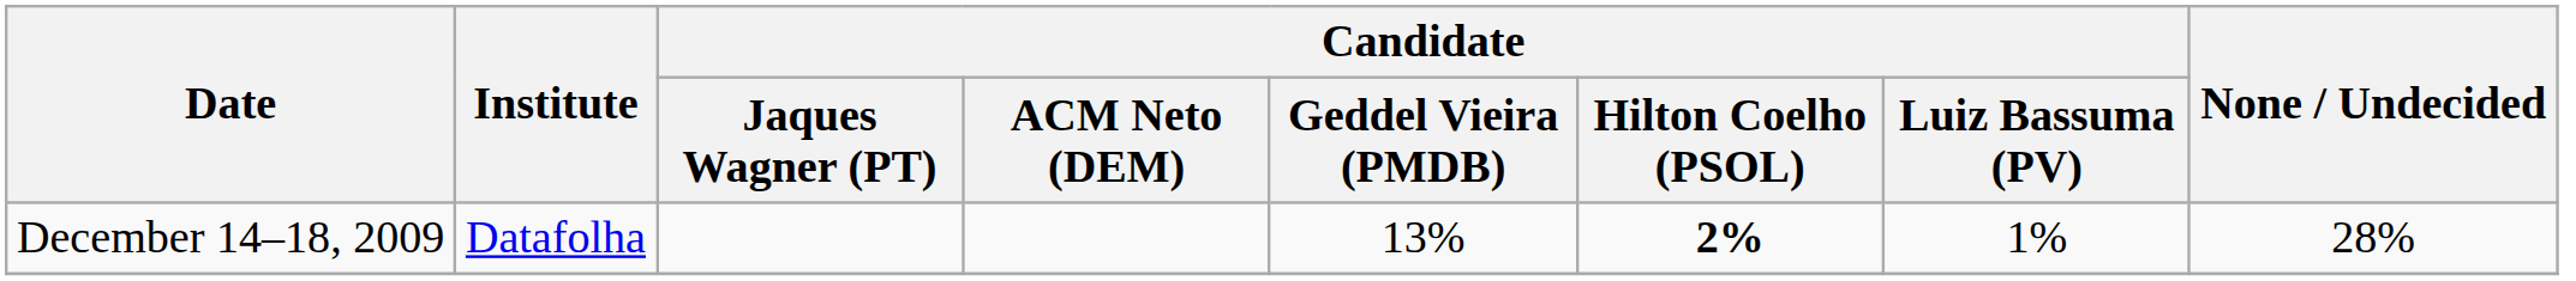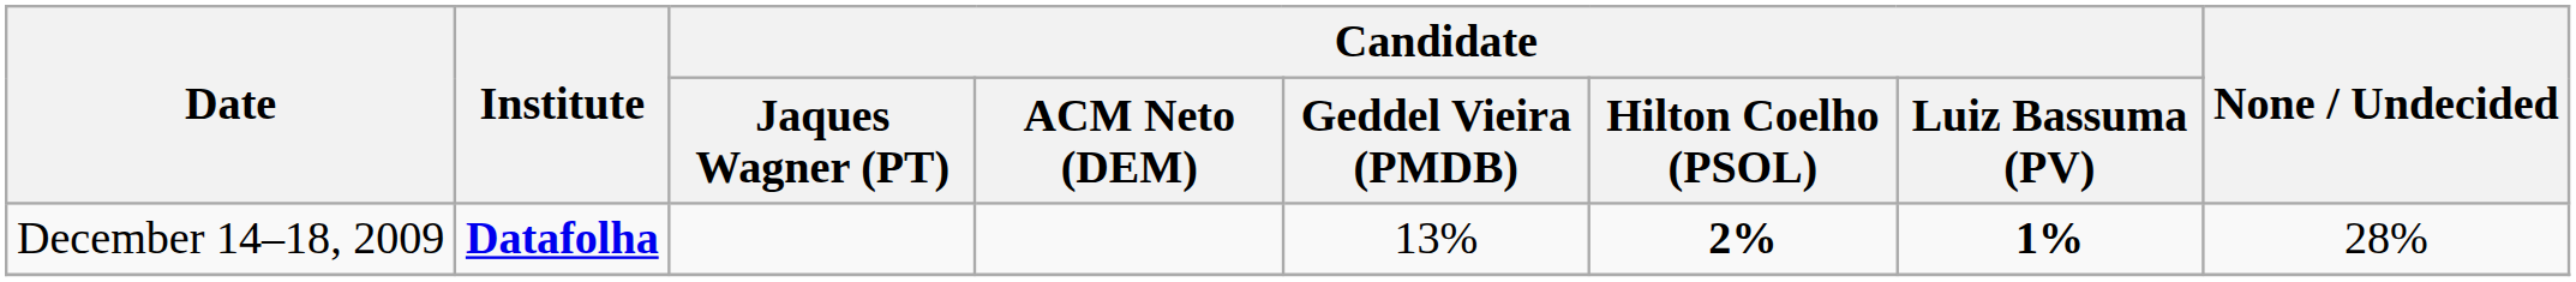 <table class=wikitable style=text-align:center;>
 <tr>
 <th rowspan=2>Date</th>
 <th rowspan=2>Institute</th>
 <th colspan=5>Candidate</th>
 <th rowspan=2>None / Undecided</th>
 </tr>
 <tr>
 <th width=100>Jaques Wagner (PT)</th>
 <th width=100>ACM Neto (DEM)</th>
 <th width=100>Geddel Vieira (PMDB)</th>
 <th width=100>Hilton Coelho (PSOL)</th>
 <th width=100>Luiz Bassuma (PV)</th>
 </tr>
 <tr>
 <td>December 14–18, 2009</td>
-<td><a href='#'>Datafolha</a></td>
+<td><strong><a href='#'>Datafolha</a></strong></td>
 <td></td>
 <td></td>
 <td align="center">13%</td>
 <td align="center"><strong>2%</strong></td>
-<td align="center">1%</td>
+<td align="center"><strong>1%</strong></td>
 <td align="center">28%</td>
 </tr>
 <tr>
 </tr>
 </table>
